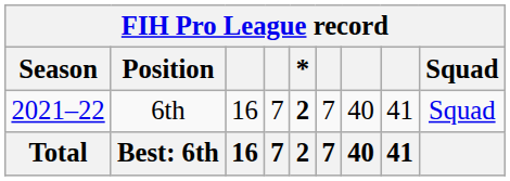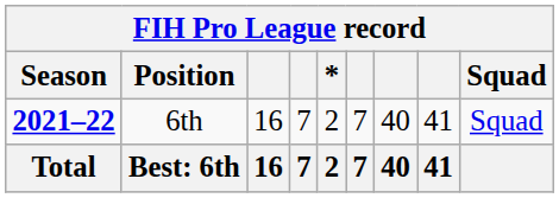 <table class="wikitable" style="text-align: center;">
 <tr>
 <th colspan=10><a href='#'>FIH Pro League</a> record</th>
 </tr>
 <tr>
 <th>Season</th>
 <th>Position</th>
 <th></th>
 <th></th>
 <th> *</th>
 <th></th>
 <th></th>
 <th></th>
 <th>Squad</th>
 </tr>
 <tr>
-<td><a href='#'>2021–22</a></td>
+<td><strong><a href='#'>2021–22</a></strong></td>
 <td>6th</td>
 <td>16</td>
 <td>7</td>
-<td><strong>2</strong></td>
+<td>2</td>
 <td>7</td>
 <td>40</td>
 <td>41</td>
 <td><a href='#'>Squad</a></td>
 </tr>
 <tr>
 <th>Total</th>
 <th>Best: 6th</th>
 <th>16</th>
 <th>7</th>
 <th>2</th>
 <th>7</th>
 <th>40</th>
 <th>41</th>
 <th></th>
 </tr>
 </table>
